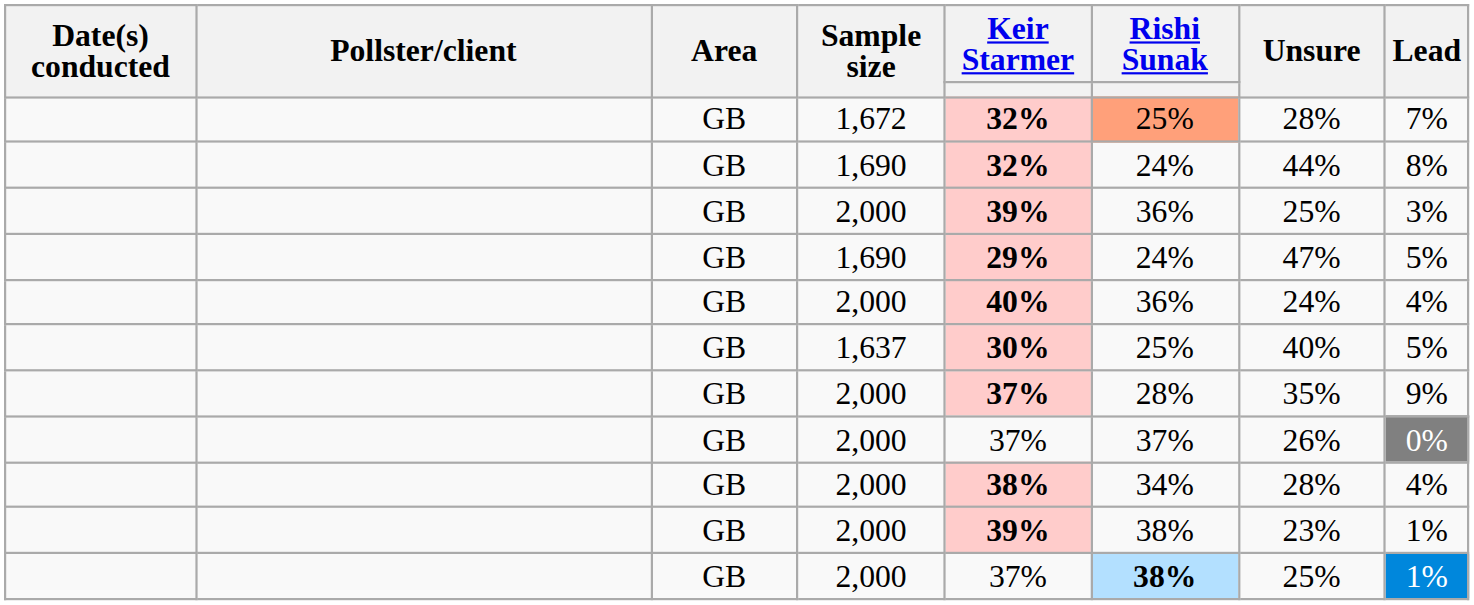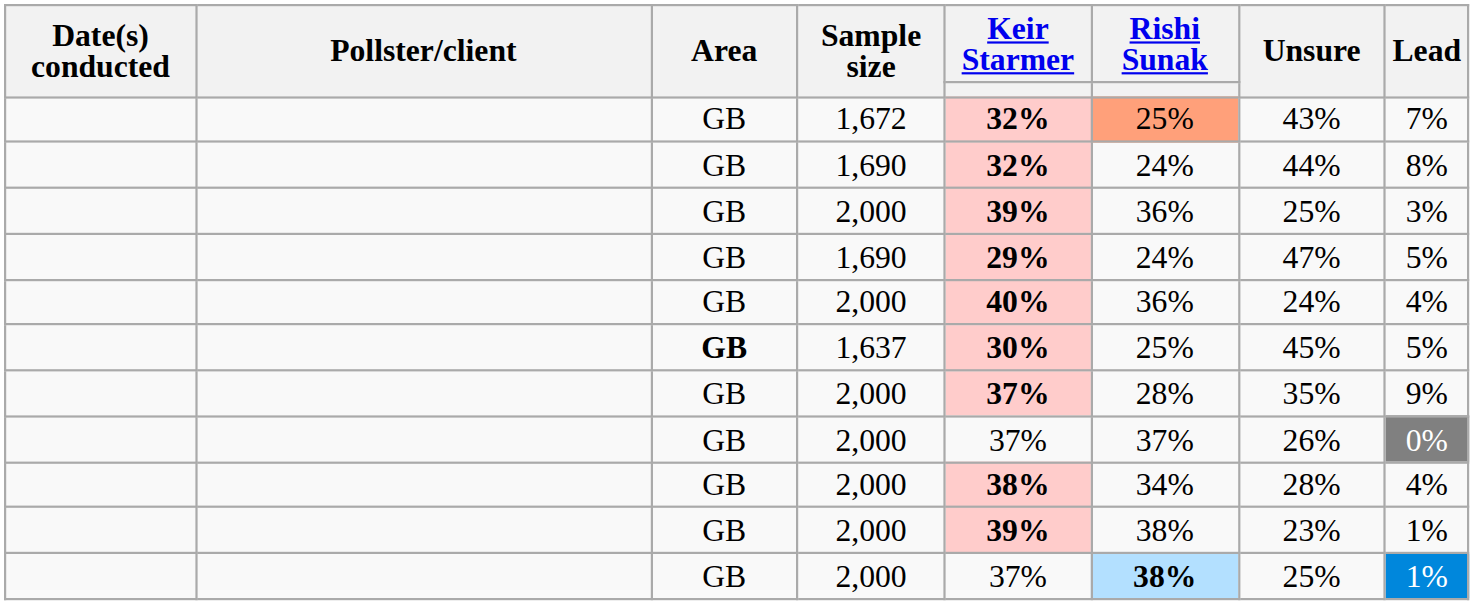 <table class="wikitable collapsible sortable mw-datatable" style="text-align:center;font-size:90%;line-height:14px">
 <tr>
 <th style="width:80px;" rowspan="2" class="unsortable">Date(s)<br>conducted</th>
 <th style="width:200px;" rowspan="2">Pollster/client</th>
 <th style="width:60px;" rowspan="2">Area</th>
 <th style="width:60px;" rowspan="2">Sample size</th>
 <th style="width:60px;" class="unsortable"><a href='#'>Keir Starmer</a></th>
 <th style="width:60px;" class="unsortable"><a href='#'>Rishi Sunak</a></th>
 <th style="width:60px;" rowspan="2" class="unsortable">Unsure</th>
 <th class="unsortable" style="width:20px;" rowspan="2">Lead</th>
 </tr>
 <tr>
 <th class="unsortable" style="color:inherit;background:"></th>
 <th class="unsortable" style="color:inherit;background:"></th>
 </tr>
 <tr>
 <td></td>
 <td></td>
 <td>GB</td>
 <td>1,672</td>
 <td style="background:#ffcccb"><strong>32%</strong></td>
 <td style="background: lightsalmon;">25%</td>
-<td>28%</td>
+<td>43%</td>
 <td style="background:">7%</td>
 </tr>
 <tr>
 <td></td>
 <td></td>
 <td>GB</td>
 <td>1,690</td>
 <td style="background:#ffcccb"><strong>32%</strong></td>
 <td>24%</td>
 <td>44%</td>
 <td style="background:">8%</td>
 </tr>
 <tr>
 <td></td>
 <td></td>
 <td>GB</td>
 <td>2,000</td>
 <td style="background:#ffcccb"><strong>39%</strong></td>
 <td>36%</td>
 <td>25%</td>
 <td style="background:">3%</td>
 </tr>
 <tr>
 <td></td>
 <td></td>
 <td>GB</td>
 <td>1,690</td>
 <td style="background:#ffcccb"><strong>29%</strong></td>
 <td>24%</td>
 <td>47%</td>
 <td style="background:">5%</td>
 </tr>
 <tr>
 <td></td>
 <td></td>
 <td>GB</td>
 <td>2,000</td>
 <td style="background:#ffcccb"><strong>40%</strong></td>
 <td>36%</td>
 <td>24%</td>
 <td style="background:">4%</td>
 </tr>
 <tr>
 <td></td>
 <td></td>
-<td>GB</td>
+<td><strong>GB</strong></td>
 <td>1,637</td>
 <td style="background:#ffcccb"><strong>30%</strong></td>
 <td>25%</td>
-<td>40%</td>
+<td>45%</td>
 <td style="background:">5%</td>
 </tr>
 <tr>
 <td></td>
 <td></td>
 <td>GB</td>
 <td>2,000</td>
 <td style="background:#ffcccb"><strong>37%</strong></td>
 <td>28%</td>
 <td>35%</td>
 <td style="background:">9%</td>
 </tr>
 <tr>
 <td></td>
 <td></td>
 <td>GB</td>
 <td>2,000</td>
 <td>37%</td>
 <td>37%</td>
 <td>26%</td>
 <td style="background:grey;color:white;">0%</td>
 </tr>
 <tr>
 <td></td>
 <td></td>
 <td>GB</td>
 <td>2,000</td>
 <td style="background:#ffcccb"><strong>38%</strong></td>
 <td>34%</td>
 <td>28%</td>
 <td style="background:">4%</td>
 </tr>
 <tr>
 <td></td>
 <td></td>
 <td>GB</td>
 <td>2,000</td>
 <td style="background:#ffcccb"><strong>39%</strong></td>
 <td>38%</td>
 <td>23%</td>
 <td style="background:">1%</td>
 </tr>
 <tr>
 <td></td>
 <td></td>
 <td>GB</td>
 <td>2,000</td>
 <td>37%</td>
 <td style="background:#B3E0FF;"><strong>38%</strong></td>
 <td>25%</td>
 <td style="background:#0087DC; color:white;">1%</td>
 </tr>
 </table>
